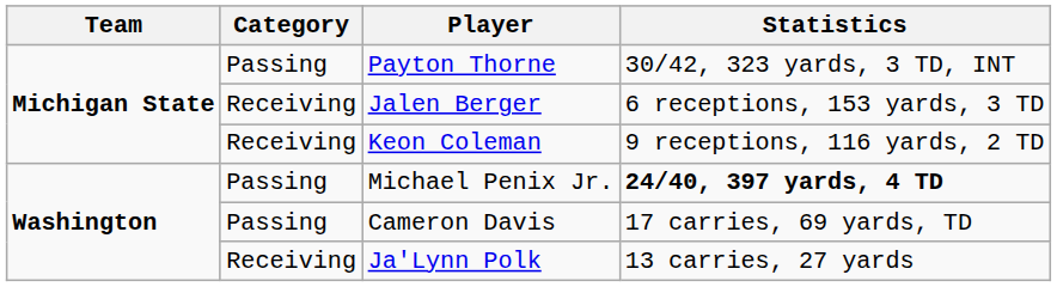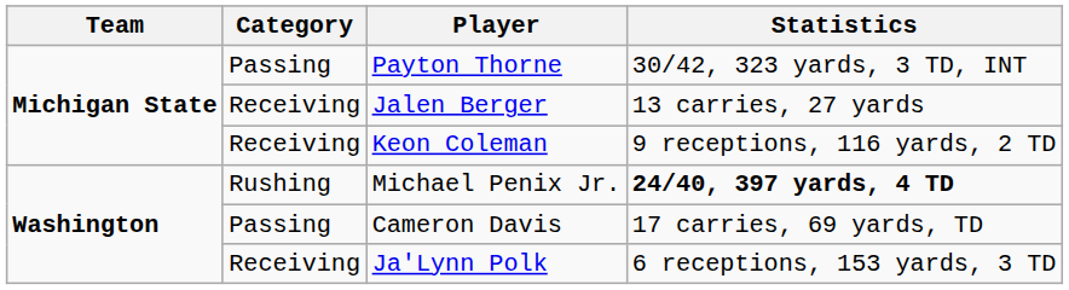 <table class="wikitable" style="float: right;">
 <tr>
 <th>Team</th>
 <th>Category</th>
 <th>Player</th>
 <th>Statistics</th>
 </tr>
 <tr>
 <td rowspan=3><strong>Michigan State</strong></td>
 <td>Passing</td>
 <td><a href='#'>Payton Thorne</a></td>
 <td>30/42, 323 yards, 3 TD, INT</td>
 </tr>
 <tr>
 <td>Receiving</td>
 <td><a href='#'>Jalen Berger</a></td>
-<td>6 receptions, 153 yards, 3 TD</td>
+<td>13 carries, 27 yards</td>
 </tr>
 <tr>
 <td>Receiving</td>
 <td><a href='#'>Keon Coleman</a></td>
 <td>9 receptions, 116 yards, 2 TD</td>
 </tr>
 <tr>
 <td rowspan=3><strong>Washington</strong></td>
-<td>Passing</td>
+<td>Rushing</td>
 <td>Michael Penix Jr.</td>
 <td><strong>24/40, 397 yards, 4 TD</strong></td>
 </tr>
 <tr>
 <td>Passing</td>
 <td>Cameron Davis</td>
 <td>17 carries, 69 yards, TD</td>
 </tr>
 <tr>
 <td>Receiving</td>
 <td><a href='#'>Ja'Lynn Polk</a></td>
-<td>13 carries, 27 yards</td>
+<td>6 receptions, 153 yards, 3 TD</td>
 </tr>
 </table>
